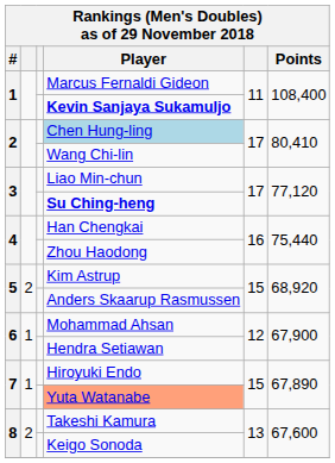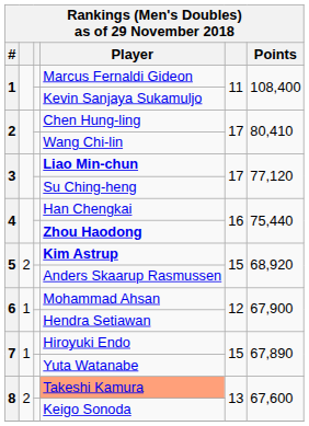 <table class="sortable wikitable">
 <tr>
 <th colspan="6">Rankings (Men's Doubles)<br>as of 29 November 2018</th>
 </tr>
 <tr>
 <th>#</th>
 <th></th>
 <th></th>
 <th>Player</th>
 <th></th>
 <th>Points</th>
 </tr>
 <tr>
 <th rowspan="2">1</th>
 <td rowspan="2" align="center"></td>
 <td></td>
 <td><a href='#'>Marcus Fernaldi Gideon</a></td>
 <td align="center" rowspan="2">11</td>
 <td rowspan="2">108,400</td>
 </tr>
 <tr>
 <td></td>
-<td><strong><a href='#'>Kevin Sanjaya Sukamuljo</a></strong></td>
+<td><a href='#'>Kevin Sanjaya Sukamuljo</a></td>
 </tr>
 <tr>
 <th rowspan="2">2</th>
 <td rowspan="2" align="center"></td>
 <td></td>
-<td style="background: lightblue;"><a href='#'>Chen Hung-ling</a></td>
+<td><a href='#'>Chen Hung-ling</a></td>
 <td align="center" rowspan="2">17</td>
 <td rowspan="2">80,410</td>
 </tr>
 <tr>
 <td></td>
 <td><a href='#'>Wang Chi-lin</a></td>
 </tr>
 <tr>
 <th rowspan="2">3</th>
 <td rowspan="2" align="center"></td>
 <td></td>
-<td><a href='#'>Liao Min-chun</a></td>
+<td><strong><a href='#'>Liao Min-chun</a></strong></td>
 <td align="center" rowspan="2">17</td>
 <td rowspan="2">77,120</td>
 </tr>
 <tr>
 <td></td>
-<td><strong><a href='#'>Su Ching-heng</a></strong></td>
+<td><a href='#'>Su Ching-heng</a></td>
 </tr>
 <tr>
 <th rowspan="2">4</th>
 <td rowspan="2" align="center"></td>
 <td></td>
 <td><a href='#'>Han Chengkai</a></td>
 <td align="center" rowspan="2">16</td>
 <td rowspan="2">75,440</td>
 </tr>
 <tr>
 <td></td>
-<td><a href='#'>Zhou Haodong</a></td>
+<td><strong><a href='#'>Zhou Haodong</a></strong></td>
 </tr>
 <tr>
 <th rowspan="2">5</th>
 <td rowspan="2" align="center"> 2</td>
 <td></td>
-<td><a href='#'>Kim Astrup</a></td>
+<td><strong><a href='#'>Kim Astrup</a></strong></td>
 <td align="center" rowspan="2">15</td>
 <td rowspan="2">68,920</td>
 </tr>
 <tr>
 <td></td>
 <td><a href='#'>Anders Skaarup Rasmussen</a></td>
 </tr>
 <tr>
 <th rowspan="2">6</th>
 <td rowspan="2" align="center"> 1</td>
 <td></td>
 <td><a href='#'>Mohammad Ahsan</a></td>
 <td align="center" rowspan="2">12</td>
 <td rowspan="2">67,900</td>
 </tr>
 <tr>
 <td></td>
 <td><a href='#'>Hendra Setiawan</a></td>
 </tr>
 <tr>
 <th rowspan="2">7</th>
 <td rowspan="2" align="center"> 1</td>
 <td></td>
 <td><a href='#'>Hiroyuki Endo</a></td>
 <td align="center" rowspan="2">15</td>
 <td rowspan="2">67,890</td>
 </tr>
 <tr>
 <td></td>
-<td style="background: lightsalmon;"><a href='#'>Yuta Watanabe</a></td>
+<td><a href='#'>Yuta Watanabe</a></td>
 </tr>
 <tr>
 <th rowspan="2">8</th>
 <td rowspan="2" align="center"> 2</td>
 <td></td>
-<td><a href='#'>Takeshi Kamura</a></td>
+<td style="background: lightsalmon;"><a href='#'>Takeshi Kamura</a></td>
 <td align="center" rowspan="2">13</td>
 <td rowspan="2">67,600</td>
 </tr>
 <tr>
 <td></td>
 <td><a href='#'>Keigo Sonoda</a></td>
 </tr>
 <tr>
 </tr>
 </table>
